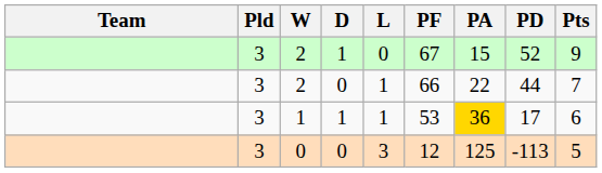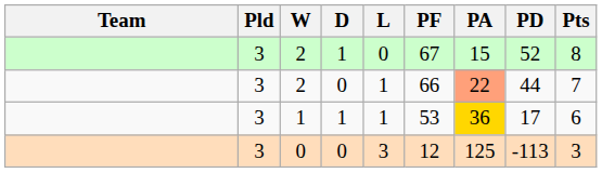 <table class="wikitable" style="text-align:center;">
 <tr>
 <th width=175>Team</th>
 <th width=25 abbr="Played">Pld</th>
 <th width=25 abbr="Won">W</th>
 <th width=25 abbr="Drawn">D</th>
 <th width=25 abbr="Lost">L</th>
 <th width=32 abbr="Points for">PF</th>
 <th width=32 abbr="Points against">PA</th>
 <th width=32 abbr="Points difference">PD</th>
 <th width=25 abbr="Points">Pts</th>
 </tr>
 <tr bgcolor="#ccffcc">
 <td align=left></td>
 <td>3</td>
 <td>2</td>
 <td>1</td>
 <td>0</td>
 <td>67</td>
 <td>15</td>
 <td>52</td>
-<td>9</td>
+<td>8</td>
 </tr>
 <tr>
 <td align=left></td>
 <td>3</td>
 <td>2</td>
 <td>0</td>
 <td>1</td>
 <td>66</td>
-<td>22</td>
+<td style="background: lightsalmon;">22</td>
 <td>44</td>
 <td>7</td>
 </tr>
 <tr>
 <td align=left></td>
 <td>3</td>
 <td>1</td>
 <td>1</td>
 <td>1</td>
 <td>53</td>
 <td style="background: gold;">36</td>
 <td>17</td>
 <td>6</td>
 </tr>
 <tr bgcolor="#ffddbb">
 <td align=left></td>
 <td>3</td>
 <td>0</td>
 <td>0</td>
 <td>3</td>
 <td>12</td>
 <td>125</td>
 <td>-113</td>
-<td>5</td>
+<td>3</td>
 </tr>
 </table>
